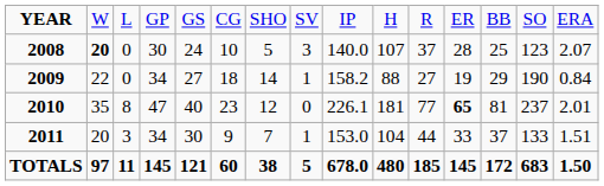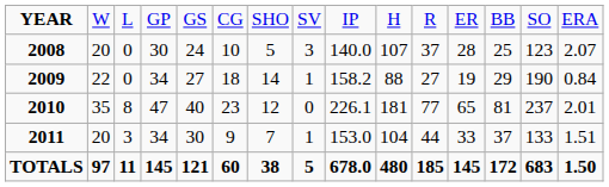 <table class="wikitable">
 <tr align=center>
 <td><strong>YEAR</strong></td>
 <td><a href='#'>W</a></td>
 <td><a href='#'>L</a></td>
 <td><a href='#'>GP</a></td>
 <td><a href='#'>GS</a></td>
 <td><a href='#'>CG</a></td>
 <td><a href='#'>SHO</a></td>
 <td><a href='#'>SV</a></td>
 <td><a href='#'>IP</a></td>
 <td><a href='#'>H</a></td>
 <td><a href='#'>R</a></td>
 <td><a href='#'>ER</a></td>
 <td><a href='#'>BB</a></td>
 <td><a href='#'>SO</a></td>
 <td><a href='#'>ERA</a></td>
 </tr>
 <tr align=center>
 <td><strong>2008</strong></td>
-<td><strong>20</strong></td>
+<td>20</td>
 <td>0</td>
 <td>30</td>
 <td>24</td>
 <td>10</td>
 <td>5</td>
 <td>3</td>
 <td>140.0</td>
 <td>107</td>
 <td>37</td>
 <td>28</td>
 <td>25</td>
 <td>123</td>
 <td>2.07</td>
 </tr>
 <tr align=center>
 <td><strong>2009</strong></td>
 <td>22</td>
 <td>0</td>
 <td>34</td>
 <td>27</td>
 <td>18</td>
 <td>14</td>
 <td>1</td>
 <td>158.2</td>
 <td>88</td>
 <td>27</td>
 <td>19</td>
 <td>29</td>
 <td>190</td>
 <td>0.84</td>
 </tr>
 <tr align=center>
 <td><strong>2010</strong></td>
 <td>35</td>
 <td>8</td>
 <td>47</td>
 <td>40</td>
 <td>23</td>
 <td>12</td>
 <td>0</td>
 <td>226.1</td>
 <td>181</td>
 <td>77</td>
-<td><strong>65</strong></td>
+<td>65</td>
 <td>81</td>
 <td>237</td>
 <td>2.01</td>
 </tr>
 <tr align=center>
 <td><strong>2011</strong></td>
 <td>20</td>
 <td>3</td>
 <td>34</td>
 <td>30</td>
 <td>9</td>
 <td>7</td>
 <td>1</td>
 <td>153.0</td>
 <td>104</td>
 <td>44</td>
 <td>33</td>
 <td>37</td>
 <td>133</td>
 <td>1.51</td>
 </tr>
 <tr align=center>
 <td><strong>TOTALS</strong></td>
 <td><strong>97</strong></td>
 <td><strong>11</strong></td>
 <td><strong>145</strong></td>
 <td><strong>121</strong></td>
 <td><strong>60</strong></td>
 <td><strong>38</strong></td>
 <td><strong>5</strong></td>
 <td><strong>678.0</strong></td>
 <td><strong>480</strong></td>
 <td><strong>185</strong></td>
 <td><strong>145</strong></td>
 <td><strong>172</strong></td>
 <td><strong>683</strong></td>
 <td><strong>1.50</strong></td>
 </tr>
 </table>
